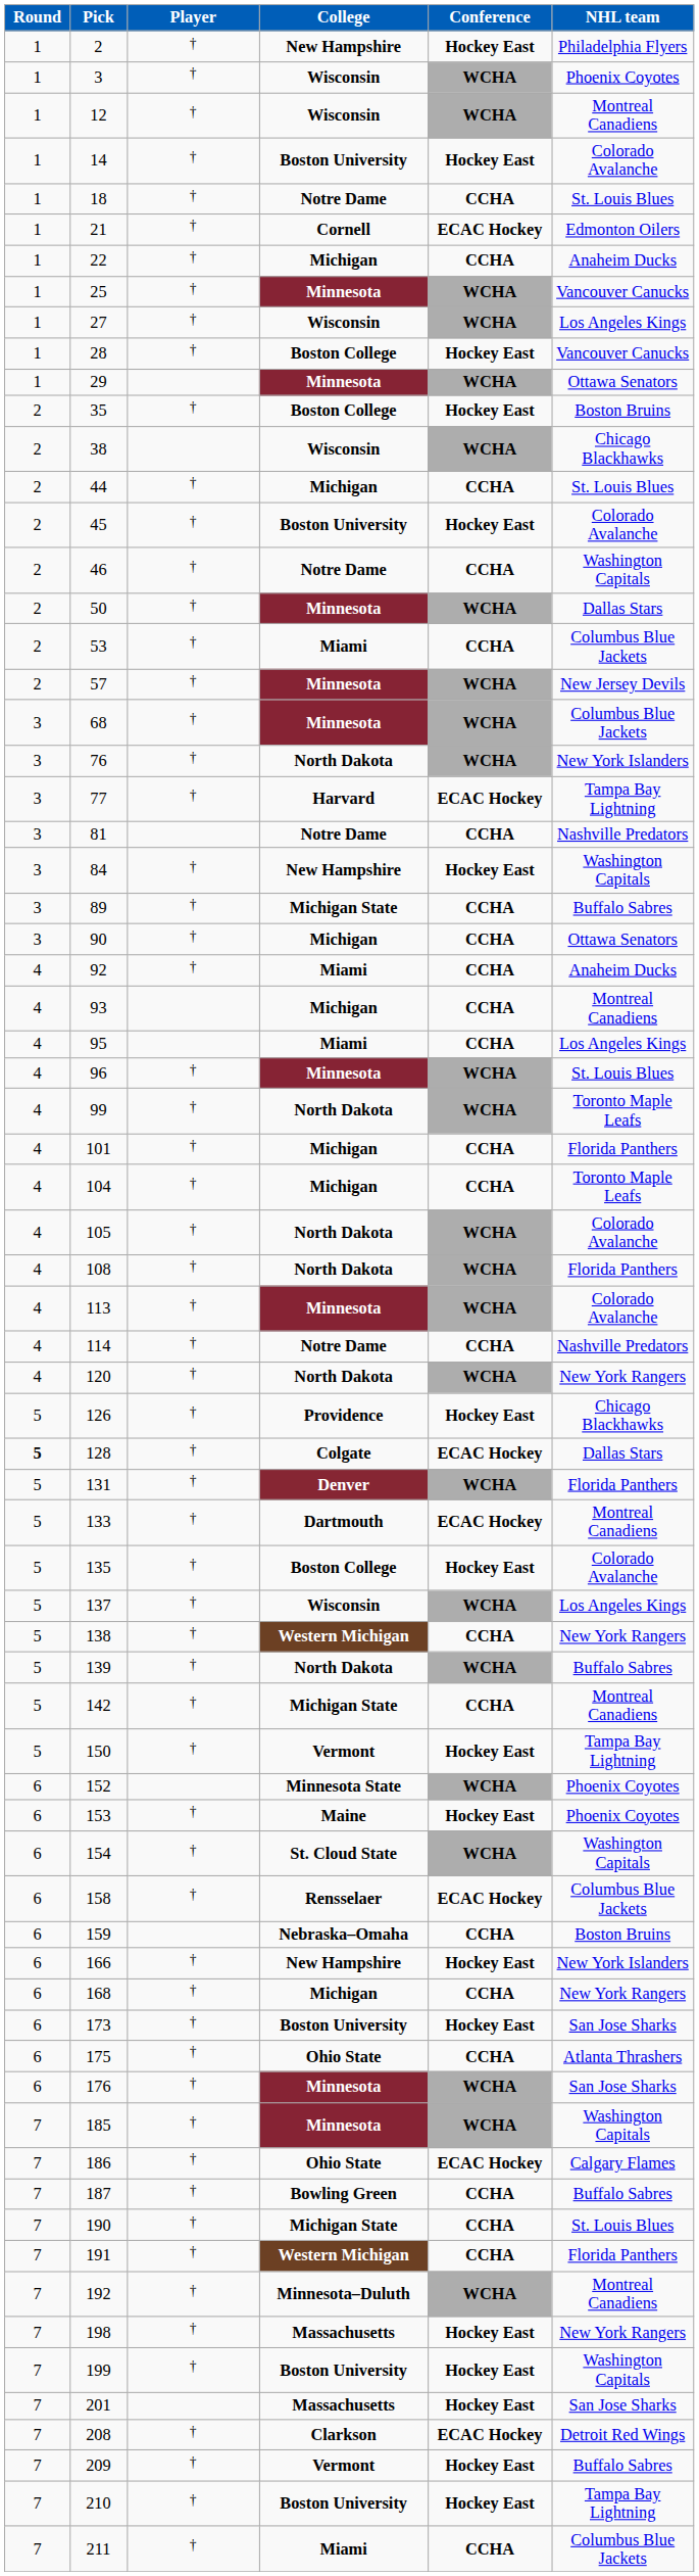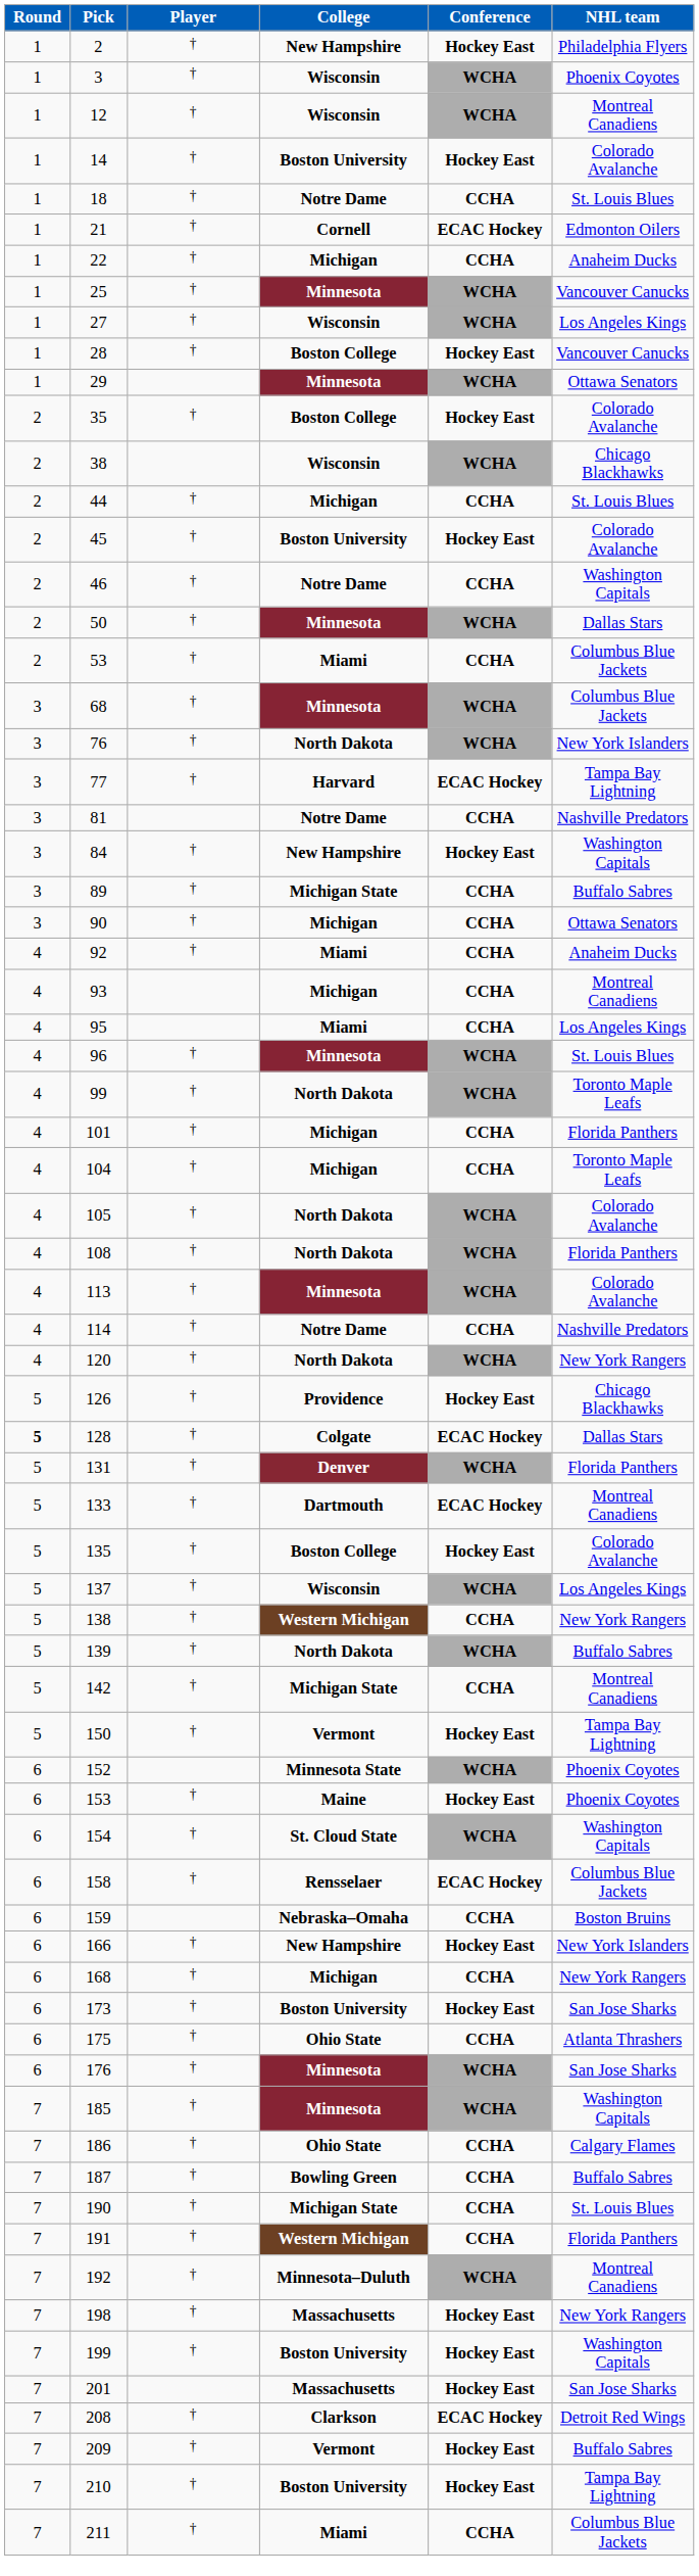 <table class="wikitable sortable" width="75%">
 <tr>
 <th style="color:white; background-color:#005EB8; width: 4em;">Round</th>
 <th style="color:white; background-color:#005EB8; width: 4em;">Pick</th>
 <th style="color:white; background-color:#005EB8; width: 12em;">Player</th>
 <th style="color:white; background-color:#005EB8; width: 13em;">College</th>
 <th style="color:white; background-color:#005EB8; width: 9em;">Conference</th>
 <th style="color:white; background-color:#005EB8; width: 11em;">NHL team</th>
 </tr>
 <tr align="center" bgcolor="">
 <td>1</td>
 <td>2</td>
 <td> <sup>†</sup></td>
 <td><strong>New Hampshire</strong></td>
 <td><strong>Hockey East</strong></td>
 <td><a href='#'>Philadelphia Flyers</a></td>
 </tr>
 <tr align="center" bgcolor="">
 <td>1</td>
 <td>3</td>
 <td> <sup>†</sup></td>
 <td><strong>Wisconsin</strong></td>
 <td style="color:black; background:#ADADAD; "><strong>WCHA</strong></td>
 <td><a href='#'>Phoenix Coyotes</a></td>
 </tr>
 <tr align="center" bgcolor="">
 <td>1</td>
 <td>12</td>
 <td> <sup>†</sup></td>
 <td><strong>Wisconsin</strong></td>
 <td style="color:black; background:#ADADAD; "><strong>WCHA</strong></td>
 <td><a href='#'>Montreal Canadiens</a></td>
 </tr>
 <tr align="center" bgcolor="">
 <td>1</td>
 <td>14</td>
 <td> <sup>†</sup></td>
 <td><strong>Boston University</strong></td>
 <td><strong>Hockey East</strong></td>
 <td><a href='#'>Colorado Avalanche</a></td>
 </tr>
 <tr align="center" bgcolor="">
 <td>1</td>
 <td>18</td>
 <td> <sup>†</sup></td>
 <td><strong>Notre Dame</strong></td>
 <td><strong>CCHA</strong></td>
 <td><a href='#'>St. Louis Blues</a></td>
 </tr>
 <tr align="center" bgcolor="">
 <td>1</td>
 <td>21</td>
 <td> <sup>†</sup></td>
 <td><strong>Cornell</strong></td>
 <td><strong>ECAC Hockey</strong></td>
 <td><a href='#'>Edmonton Oilers</a></td>
 </tr>
 <tr align="center" bgcolor="">
 <td>1</td>
 <td>22</td>
 <td> <sup>†</sup></td>
 <td><strong>Michigan</strong></td>
 <td><strong>CCHA</strong></td>
 <td><a href='#'>Anaheim Ducks</a></td>
 </tr>
 <tr align="center" bgcolor="">
 <td>1</td>
 <td>25</td>
 <td> <sup>†</sup></td>
 <td style="color:white; background:#862334; "><strong>Minnesota</strong></td>
 <td style="color:black; background:#ADADAD; "><strong>WCHA</strong></td>
 <td><a href='#'>Vancouver Canucks</a></td>
 </tr>
 <tr align="center" bgcolor="">
 <td>1</td>
 <td>27</td>
 <td> <sup>†</sup></td>
 <td><strong>Wisconsin</strong></td>
 <td style="color:black; background:#ADADAD; "><strong>WCHA</strong></td>
 <td><a href='#'>Los Angeles Kings</a></td>
 </tr>
 <tr align="center" bgcolor="">
 <td>1</td>
 <td>28</td>
 <td> <sup>†</sup></td>
 <td><strong>Boston College</strong></td>
 <td><strong>Hockey East</strong></td>
 <td><a href='#'>Vancouver Canucks</a></td>
 </tr>
 <tr align="center" bgcolor="">
 <td>1</td>
 <td>29</td>
 <td></td>
 <td style="color:white; background:#862334; "><strong>Minnesota</strong></td>
 <td style="color:black; background:#ADADAD; "><strong>WCHA</strong></td>
 <td><a href='#'>Ottawa Senators</a></td>
 </tr>
 <tr align="center" bgcolor="">
 <td>2</td>
 <td>35</td>
 <td> <sup>†</sup></td>
 <td><strong>Boston College</strong></td>
 <td><strong>Hockey East</strong></td>
-<td><a href='#'>Boston Bruins</a></td>
+<td><a href='#'>Colorado Avalanche</a></td>
 </tr>
 <tr align="center" bgcolor="">
 <td>2</td>
 <td>38</td>
 <td></td>
 <td><strong>Wisconsin</strong></td>
 <td style="color:black; background:#ADADAD; "><strong>WCHA</strong></td>
 <td><a href='#'>Chicago Blackhawks</a></td>
 </tr>
 <tr align="center" bgcolor="">
 <td>2</td>
 <td>44</td>
 <td> <sup>†</sup></td>
 <td><strong>Michigan</strong></td>
 <td><strong>CCHA</strong></td>
 <td><a href='#'>St. Louis Blues</a></td>
 </tr>
 <tr align="center" bgcolor="">
 <td>2</td>
 <td>45</td>
 <td> <sup>†</sup></td>
 <td><strong>Boston University</strong></td>
 <td><strong>Hockey East</strong></td>
 <td><a href='#'>Colorado Avalanche</a></td>
 </tr>
 <tr align="center" bgcolor="">
 <td>2</td>
 <td>46</td>
 <td> <sup>†</sup></td>
 <td><strong>Notre Dame</strong></td>
 <td><strong>CCHA</strong></td>
 <td><a href='#'>Washington Capitals</a></td>
 </tr>
 <tr align="center" bgcolor="">
 <td>2</td>
 <td>50</td>
 <td> <sup>†</sup></td>
 <td style="color:white; background:#862334; "><strong>Minnesota</strong></td>
 <td style="color:black; background:#ADADAD; "><strong>WCHA</strong></td>
 <td><a href='#'>Dallas Stars</a></td>
 </tr>
 <tr align="center" bgcolor="">
 <td>2</td>
 <td>53</td>
 <td> <sup>†</sup></td>
 <td><strong>Miami</strong></td>
 <td><strong>CCHA</strong></td>
 <td><a href='#'>Columbus Blue Jackets</a></td>
-</tr>
-<tr align="center" bgcolor="">
-<td>2</td>
-<td>57</td>
-<td> <sup>†</sup></td>
-<td style="color:white; background:#862334; "><strong>Minnesota</strong></td>
-<td style="color:black; background:#ADADAD; "><strong>WCHA</strong></td>
-<td><a href='#'>New Jersey Devils</a></td>
 </tr>
 <tr align="center" bgcolor="">
 <td>3</td>
 <td>68</td>
 <td> <sup>†</sup></td>
 <td style="color:white; background:#862334; "><strong>Minnesota</strong></td>
 <td style="color:black; background:#ADADAD; "><strong>WCHA</strong></td>
 <td><a href='#'>Columbus Blue Jackets</a></td>
 </tr>
 <tr align="center" bgcolor="">
 <td>3</td>
 <td>76</td>
 <td> <sup>†</sup></td>
 <td><strong>North Dakota</strong></td>
 <td style="color:black; background:#ADADAD; "><strong>WCHA</strong></td>
 <td><a href='#'>New York Islanders</a></td>
 </tr>
 <tr align="center" bgcolor="">
 <td>3</td>
 <td>77</td>
 <td> <sup>†</sup></td>
 <td><strong>Harvard</strong></td>
 <td><strong>ECAC Hockey</strong></td>
 <td><a href='#'>Tampa Bay Lightning</a></td>
 </tr>
 <tr align="center" bgcolor="">
 <td>3</td>
 <td>81</td>
 <td></td>
 <td><strong>Notre Dame</strong></td>
 <td><strong>CCHA</strong></td>
 <td><a href='#'>Nashville Predators</a></td>
 </tr>
 <tr align="center" bgcolor="">
 <td>3</td>
 <td>84</td>
 <td> <sup>†</sup></td>
 <td><strong>New Hampshire</strong></td>
 <td><strong>Hockey East</strong></td>
 <td><a href='#'>Washington Capitals</a></td>
 </tr>
 <tr align="center" bgcolor="">
 <td>3</td>
 <td>89</td>
 <td> <sup>†</sup></td>
 <td><strong>Michigan State</strong></td>
 <td><strong>CCHA</strong></td>
 <td><a href='#'>Buffalo Sabres</a></td>
 </tr>
 <tr align="center" bgcolor="">
 <td>3</td>
 <td>90</td>
 <td> <sup>†</sup></td>
 <td><strong>Michigan</strong></td>
 <td><strong>CCHA</strong></td>
 <td><a href='#'>Ottawa Senators</a></td>
 </tr>
 <tr align="center" bgcolor="">
 <td>4</td>
 <td>92</td>
 <td> <sup>†</sup></td>
 <td><strong>Miami</strong></td>
 <td><strong>CCHA</strong></td>
 <td><a href='#'>Anaheim Ducks</a></td>
 </tr>
 <tr align="center" bgcolor="">
 <td>4</td>
 <td>93</td>
 <td></td>
 <td><strong>Michigan</strong></td>
 <td><strong>CCHA</strong></td>
 <td><a href='#'>Montreal Canadiens</a></td>
 </tr>
 <tr align="center" bgcolor="">
 <td>4</td>
 <td>95</td>
 <td></td>
 <td><strong>Miami</strong></td>
 <td><strong>CCHA</strong></td>
 <td><a href='#'>Los Angeles Kings</a></td>
 </tr>
 <tr align="center" bgcolor="">
 <td>4</td>
 <td>96</td>
 <td> <sup>†</sup></td>
 <td style="color:white; background:#862334; "><strong>Minnesota</strong></td>
 <td style="color:black; background:#ADADAD; "><strong>WCHA</strong></td>
 <td><a href='#'>St. Louis Blues</a></td>
 </tr>
 <tr align="center" bgcolor="">
 <td>4</td>
 <td>99</td>
 <td> <sup>†</sup></td>
 <td><strong>North Dakota</strong></td>
 <td style="color:black; background:#ADADAD; "><strong>WCHA</strong></td>
 <td><a href='#'>Toronto Maple Leafs</a></td>
 </tr>
 <tr align="center" bgcolor="">
 <td>4</td>
 <td>101</td>
 <td> <sup>†</sup></td>
 <td><strong>Michigan</strong></td>
 <td><strong>CCHA</strong></td>
 <td><a href='#'>Florida Panthers</a></td>
 </tr>
 <tr align="center" bgcolor="">
 <td>4</td>
 <td>104</td>
 <td> <sup>†</sup></td>
 <td><strong>Michigan</strong></td>
 <td><strong>CCHA</strong></td>
 <td><a href='#'>Toronto Maple Leafs</a></td>
 </tr>
 <tr align="center" bgcolor="">
 <td>4</td>
 <td>105</td>
 <td> <sup>†</sup></td>
 <td><strong>North Dakota</strong></td>
 <td style="color:black; background:#ADADAD; "><strong>WCHA</strong></td>
 <td><a href='#'>Colorado Avalanche</a></td>
 </tr>
 <tr align="center" bgcolor="">
 <td>4</td>
 <td>108</td>
 <td> <sup>†</sup></td>
 <td><strong>North Dakota</strong></td>
 <td style="color:black; background:#ADADAD; "><strong>WCHA</strong></td>
 <td><a href='#'>Florida Panthers</a></td>
 </tr>
 <tr align="center" bgcolor="">
 <td>4</td>
 <td>113</td>
 <td> <sup>†</sup></td>
 <td style="color:white; background:#862334; "><strong>Minnesota</strong></td>
 <td style="color:black; background:#ADADAD; "><strong>WCHA</strong></td>
 <td><a href='#'>Colorado Avalanche</a></td>
 </tr>
 <tr align="center" bgcolor="">
 <td>4</td>
 <td>114</td>
 <td> <sup>†</sup></td>
 <td><strong>Notre Dame</strong></td>
 <td><strong>CCHA</strong></td>
 <td><a href='#'>Nashville Predators</a></td>
 </tr>
 <tr align="center" bgcolor="">
 <td>4</td>
 <td>120</td>
 <td> <sup>†</sup></td>
 <td><strong>North Dakota</strong></td>
 <td style="color:black; background:#ADADAD; "><strong>WCHA</strong></td>
 <td><a href='#'>New York Rangers</a></td>
 </tr>
 <tr align="center" bgcolor="">
 <td>5</td>
 <td>126</td>
 <td> <sup>†</sup></td>
 <td><strong>Providence</strong></td>
 <td><strong>Hockey East</strong></td>
 <td><a href='#'>Chicago Blackhawks</a></td>
 </tr>
 <tr align="center" bgcolor="">
 <td><strong>5</strong></td>
 <td>128</td>
 <td> <sup>†</sup></td>
 <td><strong>Colgate</strong></td>
 <td><strong>ECAC Hockey</strong></td>
 <td><a href='#'>Dallas Stars</a></td>
 </tr>
 <tr align="center" bgcolor="">
 <td>5</td>
 <td>131</td>
 <td> <sup>†</sup></td>
 <td style="color:white; background:#862633; "><strong>Denver</strong></td>
 <td style="color:black; background:#ADADAD; "><strong>WCHA</strong></td>
 <td><a href='#'>Florida Panthers</a></td>
 </tr>
 <tr align="center" bgcolor="">
 <td>5</td>
 <td>133</td>
 <td> <sup>†</sup></td>
 <td><strong>Dartmouth</strong></td>
 <td><strong>ECAC Hockey</strong></td>
 <td><a href='#'>Montreal Canadiens</a></td>
 </tr>
 <tr align="center" bgcolor="">
 <td>5</td>
 <td>135</td>
 <td> <sup>†</sup></td>
 <td><strong>Boston College</strong></td>
 <td><strong>Hockey East</strong></td>
 <td><a href='#'>Colorado Avalanche</a></td>
 </tr>
 <tr align="center" bgcolor="">
 <td>5</td>
 <td>137</td>
 <td> <sup>†</sup></td>
 <td><strong>Wisconsin</strong></td>
 <td style="color:black; background:#ADADAD; "><strong>WCHA</strong></td>
 <td><a href='#'>Los Angeles Kings</a></td>
 </tr>
 <tr align="center" bgcolor="">
 <td>5</td>
 <td>138</td>
 <td> <sup>†</sup></td>
 <td style="color:white; background:#6C4023; "><strong>Western Michigan</strong></td>
 <td><strong>CCHA</strong></td>
 <td><a href='#'>New York Rangers</a></td>
 </tr>
 <tr align="center" bgcolor="">
 <td>5</td>
 <td>139</td>
 <td> <sup>†</sup></td>
 <td><strong>North Dakota</strong></td>
 <td style="color:black; background:#ADADAD; "><strong>WCHA</strong></td>
 <td><a href='#'>Buffalo Sabres</a></td>
 </tr>
 <tr align="center" bgcolor="">
 <td>5</td>
 <td>142</td>
 <td> <sup>†</sup></td>
 <td><strong>Michigan State</strong></td>
 <td><strong>CCHA</strong></td>
 <td><a href='#'>Montreal Canadiens</a></td>
 </tr>
 <tr align="center" bgcolor="">
 <td>5</td>
 <td>150</td>
 <td> <sup>†</sup></td>
 <td><strong>Vermont</strong></td>
 <td><strong>Hockey East</strong></td>
 <td><a href='#'>Tampa Bay Lightning</a></td>
 </tr>
 <tr align="center" bgcolor="">
 <td>6</td>
 <td>152</td>
 <td></td>
 <td><strong>Minnesota State</strong></td>
 <td style="color:black; background:#ADADAD; "><strong>WCHA</strong></td>
 <td><a href='#'>Phoenix Coyotes</a></td>
 </tr>
 <tr align="center" bgcolor="">
 <td>6</td>
 <td>153</td>
 <td> <sup>†</sup></td>
 <td><strong>Maine</strong></td>
 <td><strong>Hockey East</strong></td>
 <td><a href='#'>Phoenix Coyotes</a></td>
 </tr>
 <tr align="center" bgcolor="">
 <td>6</td>
 <td>154</td>
 <td> <sup>†</sup></td>
 <td><strong>St. Cloud State</strong></td>
 <td style="color:black; background:#ADADAD; "><strong>WCHA</strong></td>
 <td><a href='#'>Washington Capitals</a></td>
 </tr>
 <tr align="center" bgcolor="">
 <td>6</td>
 <td>158</td>
 <td> <sup>†</sup></td>
 <td><strong>Rensselaer</strong></td>
 <td><strong>ECAC Hockey</strong></td>
 <td><a href='#'>Columbus Blue Jackets</a></td>
 </tr>
 <tr align="center" bgcolor="">
 <td>6</td>
 <td>159</td>
 <td></td>
 <td><strong>Nebraska–Omaha</strong></td>
 <td><strong>CCHA</strong></td>
 <td><a href='#'>Boston Bruins</a></td>
 </tr>
 <tr align="center" bgcolor="">
 <td>6</td>
 <td>166</td>
 <td> <sup>†</sup></td>
 <td><strong>New Hampshire</strong></td>
 <td><strong>Hockey East</strong></td>
 <td><a href='#'>New York Islanders</a></td>
 </tr>
 <tr align="center" bgcolor="">
 <td>6</td>
 <td>168</td>
 <td> <sup>†</sup></td>
 <td><strong>Michigan</strong></td>
 <td><strong>CCHA</strong></td>
 <td><a href='#'>New York Rangers</a></td>
 </tr>
 <tr align="center" bgcolor="">
 <td>6</td>
 <td>173</td>
 <td> <sup>†</sup></td>
 <td><strong>Boston University</strong></td>
 <td><strong>Hockey East</strong></td>
 <td><a href='#'>San Jose Sharks</a></td>
 </tr>
 <tr align="center" bgcolor="">
 <td>6</td>
 <td>175</td>
 <td> <sup>†</sup></td>
 <td><strong>Ohio State</strong></td>
 <td><strong>CCHA</strong></td>
 <td><a href='#'>Atlanta Thrashers</a></td>
 </tr>
 <tr align="center" bgcolor="">
 <td>6</td>
 <td>176</td>
 <td> <sup>†</sup></td>
 <td style="color:white; background:#862334; "><strong>Minnesota</strong></td>
 <td style="color:black; background:#ADADAD; "><strong>WCHA</strong></td>
 <td><a href='#'>San Jose Sharks</a></td>
 </tr>
 <tr align="center" bgcolor="">
 <td>7</td>
 <td>185</td>
 <td> <sup>†</sup></td>
 <td style="color:white; background:#862334; "><strong>Minnesota</strong></td>
 <td style="color:black; background:#ADADAD; "><strong>WCHA</strong></td>
 <td><a href='#'>Washington Capitals</a></td>
 </tr>
 <tr align="center" bgcolor="">
 <td>7</td>
 <td>186</td>
 <td> <sup>†</sup></td>
 <td><strong>Ohio State</strong></td>
-<td><strong>ECAC Hockey</strong></td>
+<td><strong>CCHA</strong></td>
 <td><a href='#'>Calgary Flames</a></td>
 </tr>
 <tr align="center" bgcolor="">
 <td>7</td>
 <td>187</td>
 <td> <sup>†</sup></td>
 <td><strong>Bowling Green</strong></td>
 <td><strong>CCHA</strong></td>
 <td><a href='#'>Buffalo Sabres</a></td>
 </tr>
 <tr align="center" bgcolor="">
 <td>7</td>
 <td>190</td>
 <td> <sup>†</sup></td>
 <td><strong>Michigan State</strong></td>
 <td><strong>CCHA</strong></td>
 <td><a href='#'>St. Louis Blues</a></td>
 </tr>
 <tr align="center" bgcolor="">
 <td>7</td>
 <td>191</td>
 <td> <sup>†</sup></td>
 <td style="color:white; background:#6C4023; "><strong>Western Michigan</strong></td>
 <td><strong>CCHA</strong></td>
 <td><a href='#'>Florida Panthers</a></td>
 </tr>
 <tr align="center" bgcolor="">
 <td>7</td>
 <td>192</td>
 <td> <sup>†</sup></td>
 <td><strong>Minnesota–Duluth</strong></td>
 <td style="color:black; background:#ADADAD; "><strong>WCHA</strong></td>
 <td><a href='#'>Montreal Canadiens</a></td>
 </tr>
 <tr align="center" bgcolor="">
 <td>7</td>
 <td>198</td>
 <td> <sup>†</sup></td>
 <td><strong>Massachusetts</strong></td>
 <td><strong>Hockey East</strong></td>
 <td><a href='#'>New York Rangers</a></td>
 </tr>
 <tr align="center" bgcolor="">
 <td>7</td>
 <td>199</td>
 <td> <sup>†</sup></td>
 <td><strong>Boston University</strong></td>
 <td><strong>Hockey East</strong></td>
 <td><a href='#'>Washington Capitals</a></td>
 </tr>
 <tr align="center" bgcolor="">
 <td>7</td>
 <td>201</td>
 <td></td>
 <td><strong>Massachusetts</strong></td>
 <td><strong>Hockey East</strong></td>
 <td><a href='#'>San Jose Sharks</a></td>
 </tr>
 <tr align="center" bgcolor="">
 <td>7</td>
 <td>208</td>
 <td> <sup>†</sup></td>
 <td><strong>Clarkson</strong></td>
 <td><strong>ECAC Hockey</strong></td>
 <td><a href='#'>Detroit Red Wings</a></td>
 </tr>
 <tr align="center" bgcolor="">
 <td>7</td>
 <td>209</td>
 <td> <sup>†</sup></td>
 <td><strong>Vermont</strong></td>
 <td><strong>Hockey East</strong></td>
 <td><a href='#'>Buffalo Sabres</a></td>
 </tr>
 <tr align="center" bgcolor="">
 <td>7</td>
 <td>210</td>
 <td> <sup>†</sup></td>
 <td><strong>Boston University</strong></td>
 <td><strong>Hockey East</strong></td>
 <td><a href='#'>Tampa Bay Lightning</a></td>
 </tr>
 <tr align="center" bgcolor="">
 <td>7</td>
 <td>211</td>
 <td> <sup>†</sup></td>
 <td><strong>Miami</strong></td>
 <td><strong>CCHA</strong></td>
 <td><a href='#'>Columbus Blue Jackets</a></td>
 </tr>
 </table>
